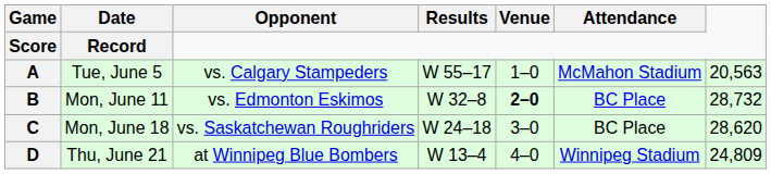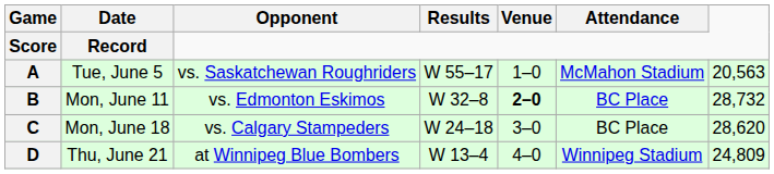 <table class="wikitable" style="text-align:center">
 <tr>
 <th>Game</th>
 <th>Date</th>
 <th>Opponent</th>
 <th>Results</th>
 <th>Venue</th>
 <th>Attendance</th>
 </tr>
 <tr>
 <th>Score</th>
 <th>Record</th>
 </tr>
 <tr style="background:#ddffdd">
 <th>A</th>
 <td>Tue, June 5</td>
-<td>vs. <a href='#'>Calgary Stampeders</a></td>
+<td>vs. <a href='#'>Saskatchewan Roughriders</a></td>
 <td>W 55–17</td>
 <td>1–0</td>
 <td><a href='#'>McMahon Stadium</a></td>
 <td>20,563</td>
 </tr>
 <tr style="background:#ddffdd">
 <th>B</th>
 <td>Mon, June 11</td>
 <td>vs. <a href='#'>Edmonton Eskimos</a></td>
 <td>W 32–8</td>
 <td><strong>2–0</strong></td>
 <td><a href='#'>BC Place</a></td>
 <td>28,732</td>
 </tr>
 <tr style="background:#ddffdd">
 <th>C</th>
 <td>Mon, June 18</td>
-<td>vs. <a href='#'>Saskatchewan Roughriders</a></td>
+<td>vs. <a href='#'>Calgary Stampeders</a></td>
 <td>W 24–18</td>
 <td>3–0</td>
 <td>BC Place</td>
 <td>28,620</td>
 </tr>
 <tr style="background:#ddffdd">
 <th>D</th>
 <td>Thu, June 21</td>
 <td>at <a href='#'>Winnipeg Blue Bombers</a></td>
 <td>W 13–4</td>
 <td>4–0</td>
 <td><a href='#'>Winnipeg Stadium</a></td>
 <td>24,809</td>
 </tr>
 </table>
